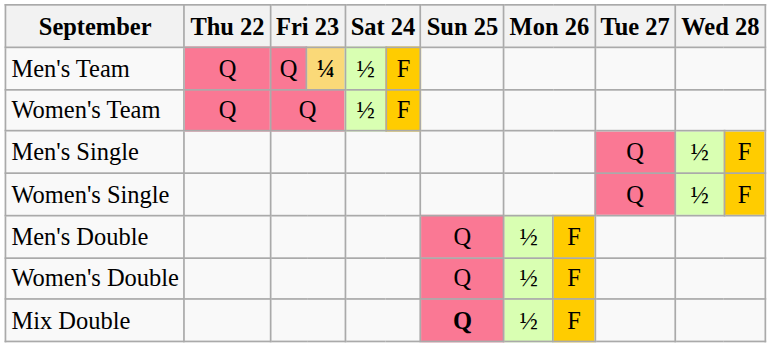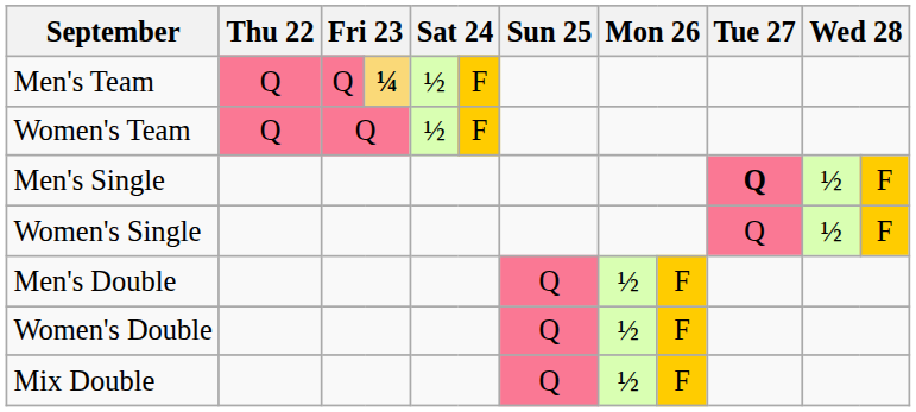 <table class="wikitable" style="margin:0.5em auto; font-size:90%; line-height:1.25em;">
 <tr>
 <th>September</th>
 <th>Thu 22</th>
 <th colspan="2">Fri 23</th>
 <th colspan="2">Sat 24</th>
 <th>Sun 25</th>
 <th colspan="2">Mon 26</th>
 <th>Tue 27</th>
 <th colspan="2">Wed 28</th>
 </tr>
 <tr style="text-align:center;">
 <td style="text-align:left;">Men's Team</td>
 <td style="background-color:#FA7894;text-align:center;">Q</td>
 <td style="background-color:#FA7894;text-align:center;">Q</td>
 <td style="background-color:#FAD978;text-align:center;"><strong>¼</strong></td>
 <td style="background-color:#D9FFB2;text-align:center;">½</td>
 <td style="background-color:#ffcc00;text-align:center;">F</td>
 <td></td>
 <td colspan="2"> </td>
 <td></td>
 <td colspan="2"> </td>
 </tr>
 <tr style="text-align:center;">
 <td style="text-align:left;">Women's Team</td>
 <td style="background-color:#FA7894;text-align:center;">Q</td>
 <td colspan="2" style="background-color:#FA7894;text-align:center;">Q</td>
 <td style="background-color:#D9FFB2;text-align:center;">½</td>
 <td style="background-color:#ffcc00;text-align:center;">F</td>
 <td></td>
 <td colspan="2"> </td>
 <td></td>
 <td colspan="2"> </td>
 </tr>
 <tr style="text-align:center;">
 <td style="text-align:left;">Men's Single</td>
 <td></td>
 <td colspan="2"> </td>
 <td colspan="2"> </td>
 <td></td>
 <td colspan="2"> </td>
-<td style="background-color:#FA7894;text-align:center;">Q</td>
+<td style="background-color:#FA7894;text-align:center;"><strong>Q</strong></td>
 <td style="background-color:#D9FFB2;text-align:center;">½</td>
 <td style="background-color:#ffcc00;text-align:center;">F</td>
 </tr>
 <tr style="text-align:center;">
 <td style="text-align:left;">Women's Single</td>
 <td></td>
 <td colspan="2"> </td>
 <td colspan="2"> </td>
 <td></td>
 <td colspan="2"> </td>
 <td style="background-color:#FA7894;text-align:center;">Q</td>
 <td style="background-color:#D9FFB2;text-align:center;">½</td>
 <td style="background-color:#ffcc00;text-align:center;">F</td>
 </tr>
 <tr style="text-align:center;">
 <td style="text-align:left;">Men's Double</td>
 <td></td>
 <td colspan="2"> </td>
 <td colspan="2"> </td>
 <td style="background-color:#FA7894;text-align:center;">Q</td>
 <td style="background-color:#D9FFB2;text-align:center;">½</td>
 <td style="background-color:#ffcc00;text-align:center;">F</td>
 <td></td>
 <td colspan="2"> </td>
 </tr>
 <tr style="text-align:center;">
 <td style="text-align:left;">Women's Double</td>
 <td></td>
 <td colspan="2"> </td>
 <td colspan="2"> </td>
 <td style="background-color:#FA7894;text-align:center;">Q</td>
 <td style="background-color:#D9FFB2;text-align:center;">½</td>
 <td style="background-color:#ffcc00;text-align:center;">F</td>
 <td></td>
 <td colspan="2"> </td>
 </tr>
 <tr style="text-align:center;">
 <td style="text-align:left;">Mix Double</td>
 <td></td>
 <td colspan="2"> </td>
 <td colspan="2"> </td>
-<td style="background-color:#FA7894;text-align:center;"><strong>Q</strong></td>
+<td style="background-color:#FA7894;text-align:center;">Q</td>
 <td style="background-color:#D9FFB2;text-align:center;">½</td>
 <td style="background-color:#ffcc00;text-align:center;">F</td>
 <td></td>
 <td colspan="2"> </td>
 </tr>
 </table>
